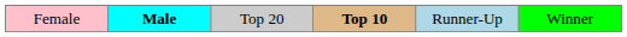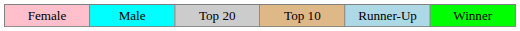 <table border="2" cellpadding="4" style="margin:1em auto; background:gray; border:1px solid gray; border-collapse:collapse; text-align:center;">
 <tr>
 </tr>
 <tr>
 <td style="background:pink;" width="11%">Female</td>
-<td style="background:cyan;" width="11%"><strong>Male</strong></td>
+<td style="background:cyan;" width="11%">Male</td>
 <td style="background:#CCCCCC;" width="11%">Top 20</td>
-<td style="background:#DEB887" width="11%"><strong>Top 10</strong></td>
+<td style="background:#DEB887" width="11%">Top 10</td>
 <td style="background:lightblue" width="11%">Runner-Up</td>
 <td style="background:lime; width:11%;">Winner</td>
 </tr>
 </table>
